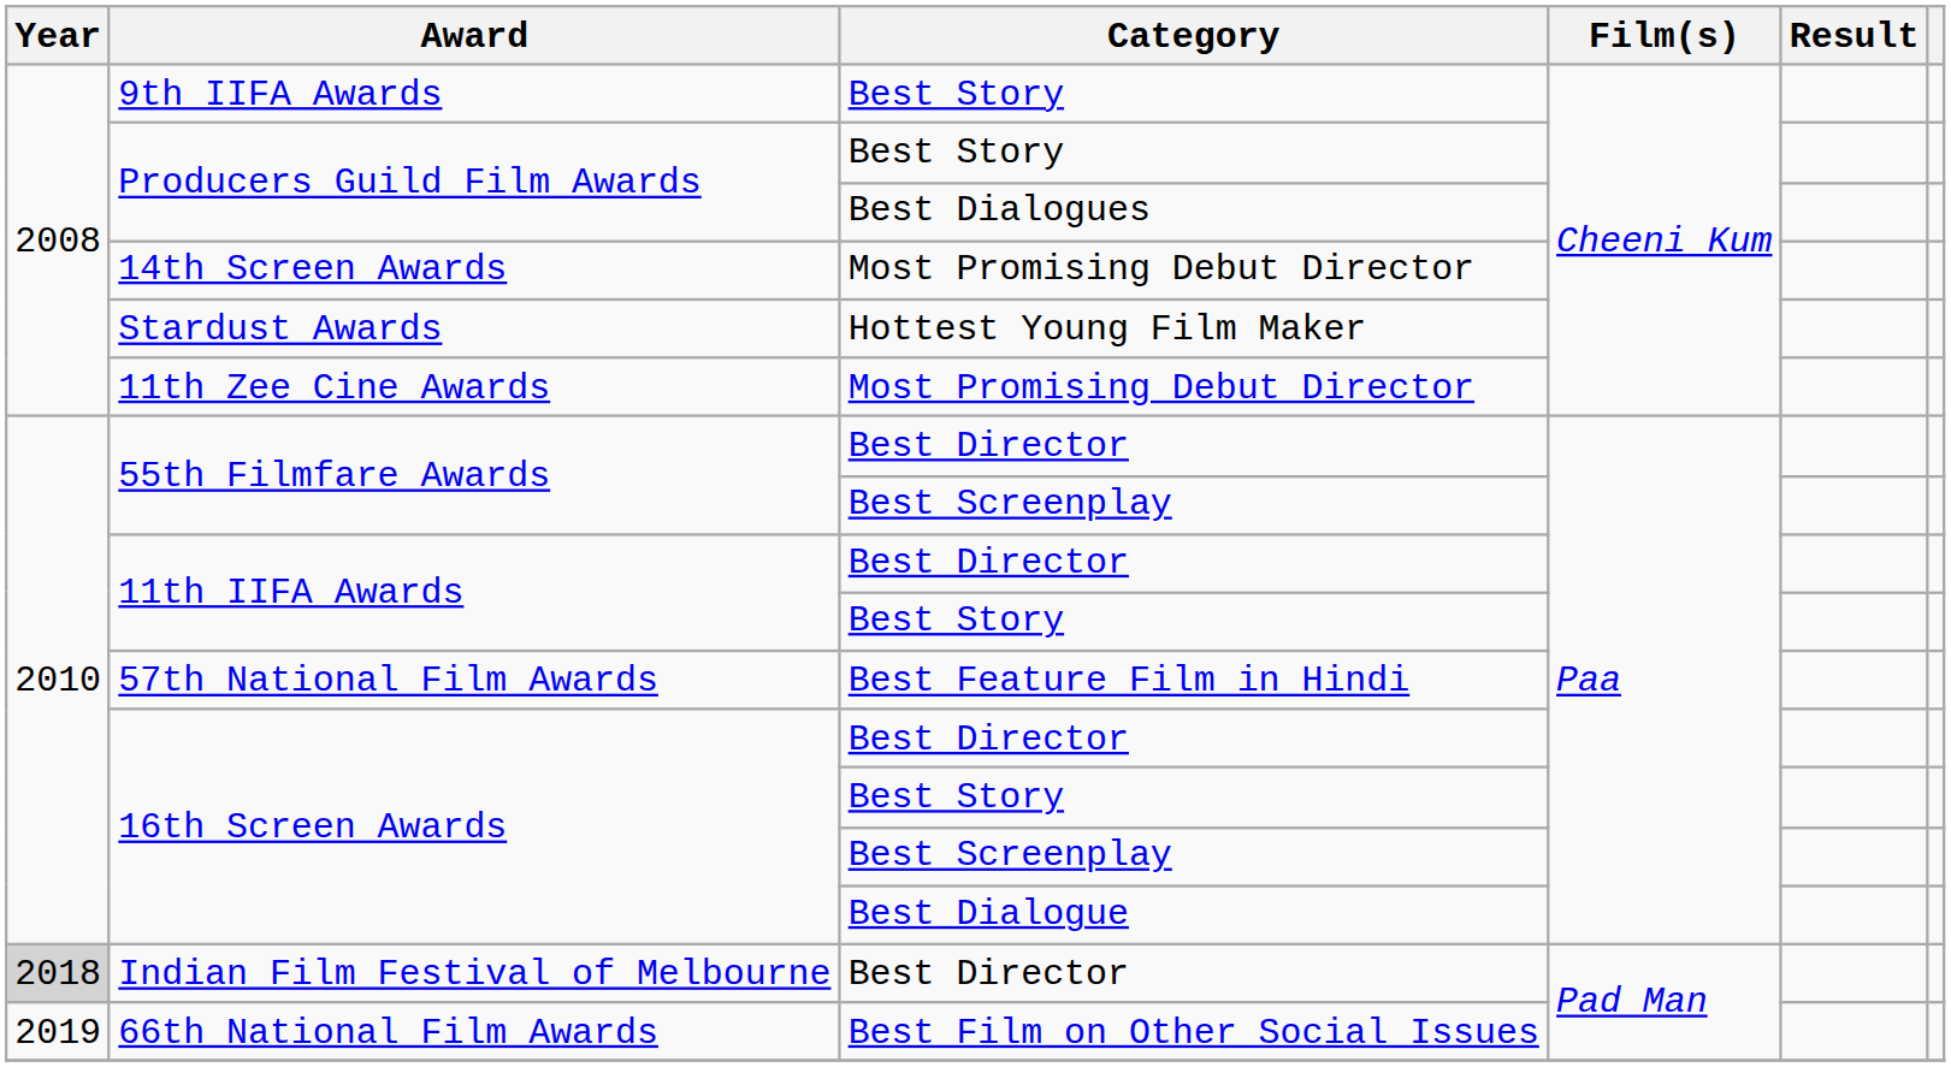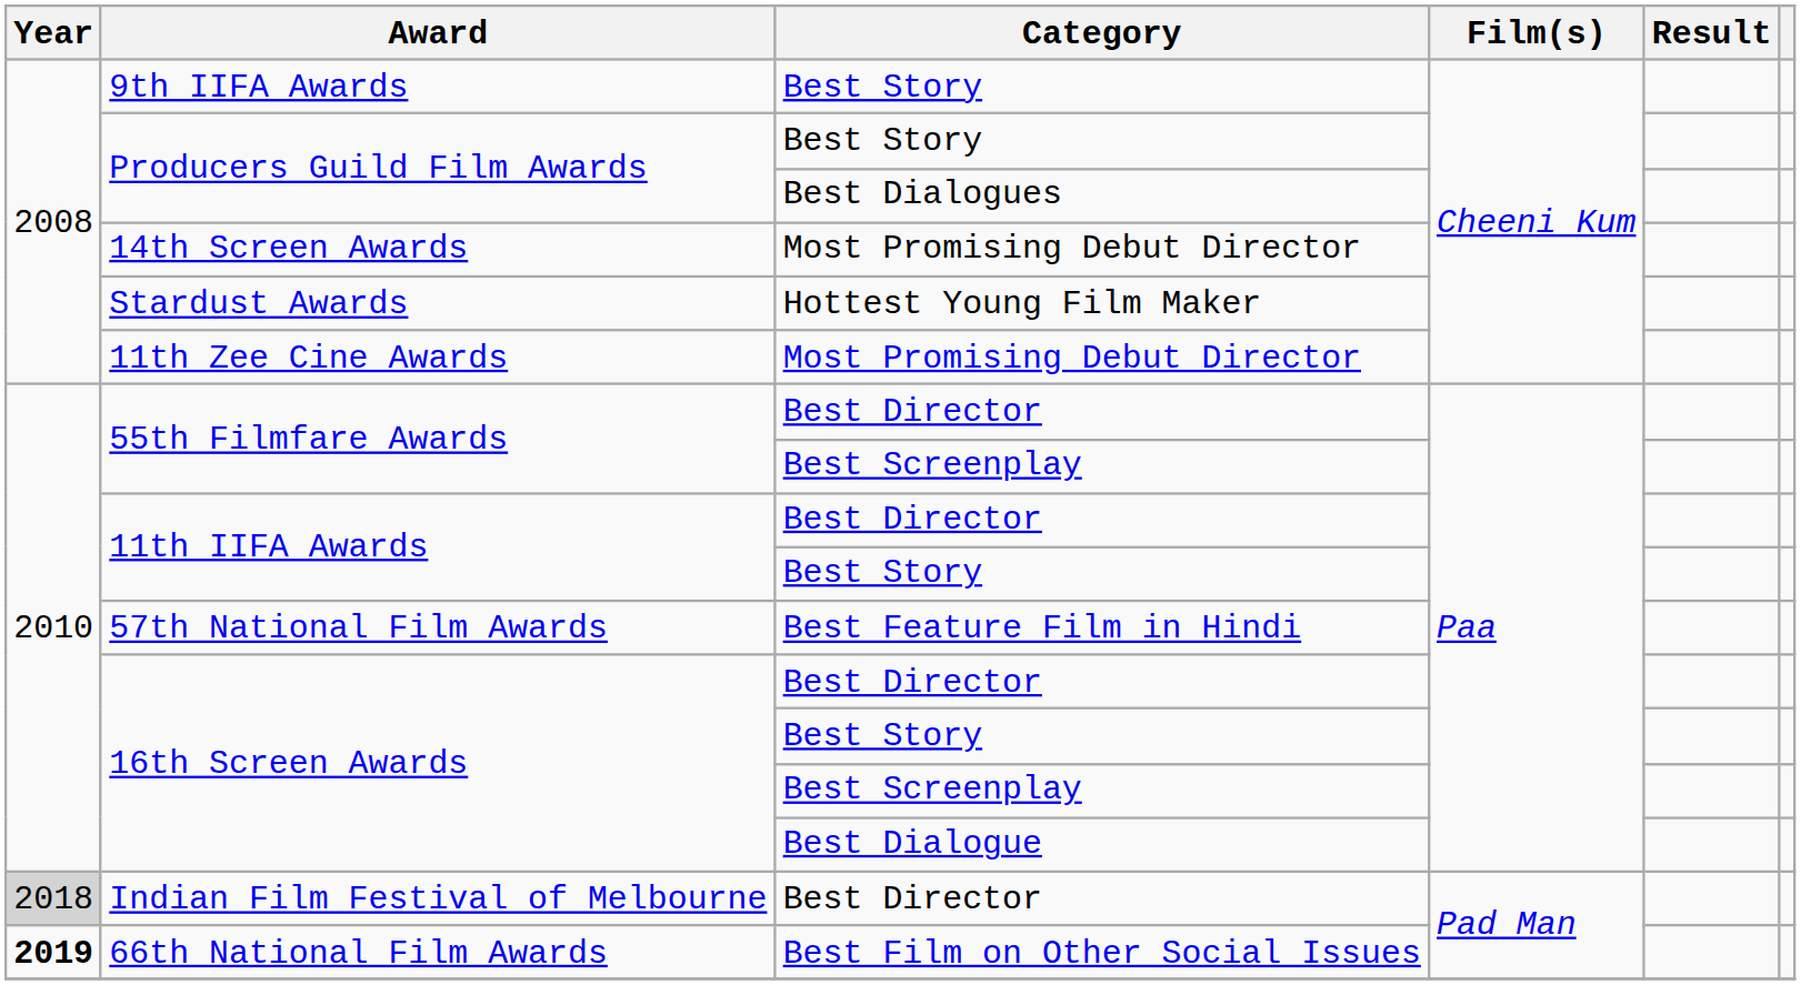 <table class="wikitable sortable">
 <tr>
 <th>Year</th>
 <th>Award</th>
 <th>Category</th>
 <th>Film(s)</th>
 <th>Result</th>
 <th class="unsortable"></th>
 </tr>
 <tr>
 <td rowspan="6">2008</td>
 <td><a href='#'>9th IIFA Awards</a></td>
 <td><a href='#'>Best Story</a></td>
 <td rowspan="6"><em><a href='#'>Cheeni Kum</a></em></td>
 <td></td>
 <td style="text-align:center;"></td>
 </tr>
 <tr>
 <td rowspan="2"><a href='#'>Producers Guild Film Awards</a></td>
 <td>Best Story</td>
 <td></td>
 <td style="text-align:center;"></td>
 </tr>
 <tr>
 <td>Best Dialogues</td>
 <td></td>
 <td style="text-align:center;"></td>
 </tr>
 <tr>
 <td><a href='#'>14th Screen Awards</a></td>
 <td>Most Promising Debut Director</td>
 <td></td>
 <td style="text-align:center;"></td>
 </tr>
 <tr>
 <td><a href='#'>Stardust Awards</a></td>
 <td>Hottest Young Film Maker</td>
 <td></td>
 <td style="text-align:center;"></td>
 </tr>
 <tr>
 <td><a href='#'>11th Zee Cine Awards</a></td>
 <td><a href='#'>Most Promising Debut Director</a></td>
 <td></td>
 <td style="text-align:center;"></td>
 </tr>
 <tr>
 <td rowspan="9">2010</td>
 <td rowspan="2"><a href='#'>55th Filmfare Awards</a></td>
 <td><a href='#'>Best Director</a></td>
 <td rowspan="9"><em><a href='#'>Paa</a></em></td>
 <td></td>
 <td style="text-align:center;"></td>
 </tr>
 <tr>
 <td><a href='#'>Best Screenplay</a></td>
 <td></td>
 <td style="text-align:center;"></td>
 </tr>
 <tr>
 <td rowspan="2"><a href='#'>11th IIFA Awards</a></td>
 <td><a href='#'>Best Director</a></td>
 <td></td>
 <td style="text-align:center;"></td>
 </tr>
 <tr>
 <td><a href='#'>Best Story</a></td>
 <td></td>
 <td style="text-align:center;"></td>
 </tr>
 <tr>
 <td><a href='#'>57th National Film Awards</a></td>
 <td><a href='#'>Best Feature Film in Hindi</a></td>
 <td></td>
 <td style="text-align:center;"></td>
 </tr>
 <tr>
 <td rowspan="4"><a href='#'>16th Screen Awards</a></td>
 <td><a href='#'>Best Director</a></td>
 <td></td>
 <td style="text-align:center;"></td>
 </tr>
 <tr>
 <td><a href='#'>Best Story</a></td>
 <td></td>
 <td style="text-align:center;"></td>
 </tr>
 <tr>
 <td><a href='#'>Best Screenplay</a></td>
 <td></td>
 <td style="text-align:center;"></td>
 </tr>
 <tr>
 <td><a href='#'>Best Dialogue</a></td>
 <td></td>
 <td style="text-align:center;"></td>
 </tr>
 <tr>
 <td rowspan="1" style="background: lightgrey;">2018</td>
 <td rowspan="1"><a href='#'>Indian Film Festival of Melbourne</a></td>
 <td>Best Director</td>
 <td rowspan="2"><em><a href='#'>Pad Man</a></em></td>
 <td></td>
 <td style="text-align:center;"></td>
 </tr>
 <tr>
-<td rowspan="1">2019</td>
+<td rowspan="1"><strong>2019</strong></td>
 <td rowspan="1"><a href='#'>66th National Film Awards</a></td>
 <td><a href='#'>Best Film on Other Social Issues</a></td>
 <td></td>
 <td style="text-align:center;"></td>
 </tr>
 <tr>
 </tr>
 </table>
